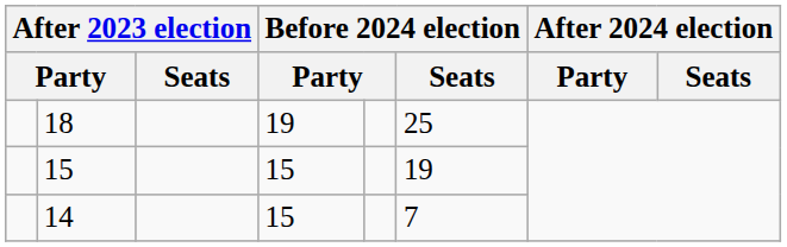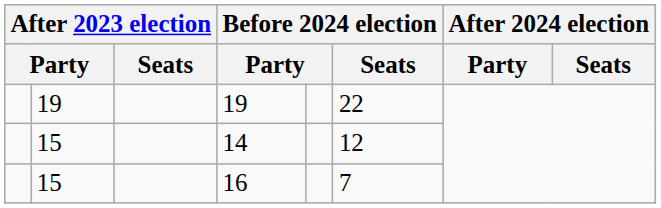 <table class="wikitable">
 <tr>
 <th colspan="3">After <a href='#'>2023 election</a></th>
 <th colspan="3">Before 2024 election</th>
 <th colspan="3">After 2024 election</th>
 </tr>
 <tr>
 <th colspan="2">Party</th>
 <th>Seats</th>
 <th colspan="2">Party</th>
 <th>Seats</th>
 <th colspan="2">Party</th>
 <th>Seats</th>
 </tr>
 <tr>
 <td></td>
-<td>18</td>
+<td>19</td>
 <td></td>
 <td>19</td>
 <td></td>
-<td>25</td>
+<td>22</td>
 </tr>
 <tr>
 <td></td>
 <td>15</td>
 <td></td>
-<td>15</td>
+<td>14</td>
 <td></td>
-<td>19</td>
+<td>12</td>
 </tr>
 <tr>
 <td></td>
-<td>14</td>
+<td>15</td>
 <td></td>
-<td>15</td>
+<td>16</td>
 <td></td>
 <td>7</td>
 </tr>
 </table>
